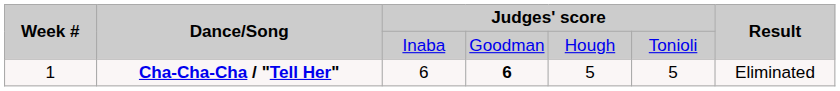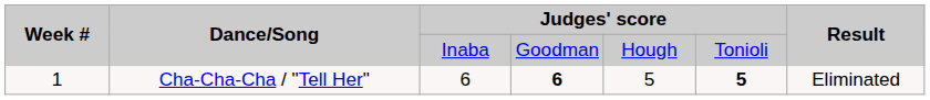 <table class="wikitable">
 <tr style="text-align:Center; background:#ccc;">
 <td rowspan="2"><strong>Week #</strong></td>
 <td rowspan="2"><strong>Dance/Song</strong></td>
 <td colspan="4"><strong>Judges' score</strong></td>
 <td rowspan="2"><strong>Result</strong></td>
 </tr>
 <tr style="text-align:center; background:#ccc;">
 <td style="width:10%; "><a href='#'>Inaba</a></td>
 <td style="width:10%; "><a href='#'>Goodman</a></td>
 <td style="width:10%; "><a href='#'>Hough</a></td>
 <td style="width:10%; "><a href='#'>Tonioli</a></td>
 </tr>
 <tr>
 <td style="text-align:center; background:#faf6f6;">1</td>
-<td style="text-align:center; background:#faf6f6;"><strong><a href='#'>Cha-Cha-Cha</a> / "<a href='#'>Tell Her</a>"</strong></td>
+<td style="text-align:center; background:#faf6f6;"><a href='#'>Cha-Cha-Cha</a> / "<a href='#'>Tell Her</a>"</td>
 <td style="text-align:center; background:#faf6f6;">6</td>
 <td style="text-align:center; background:#faf6f6;"><strong>6</strong></td>
 <td style="text-align:center; background:#faf6f6;">5</td>
-<td style="text-align:center; background:#faf6f6;">5</td>
+<td style="text-align:center; background:#faf6f6;"><strong>5</strong></td>
 <td style="text-align:center; background:#faf6f6;">Eliminated</td>
 </tr>
 </table>
